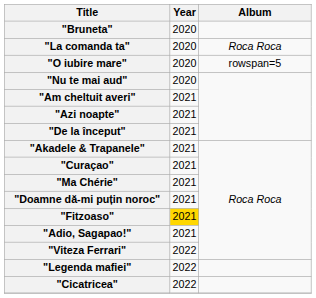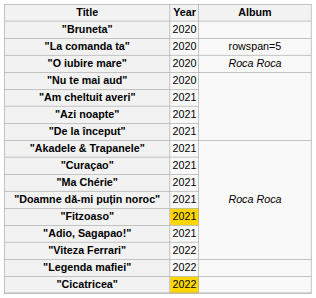 <table class="wikitable plainrowheaders" style="text-align:center;">
 <tr>
 <th scope="col" style="width:15em;">Title</th>
 <th scope="col">Year</th>
 <th scope="col" style="width:10em;">Album</th>
 </tr>
 <tr>
 <th scope="row">"Bruneta"<br></th>
 <td>2020</td>
 <td></td>
 </tr>
 <tr>
 <th scope="row">"La comanda ta"<br></th>
 <td>2020</td>
-<td><em>Roca Roca</em></td>
+<td>rowspan=5 </td>
 </tr>
 <tr>
 <th scope="row">"O iubire mare"<br></th>
 <td>2020</td>
-<td>rowspan=5 </td>
+<td><em>Roca Roca</em></td>
 </tr>
 <tr>
 <th scope="row">"Nu te mai aud"<br></th>
 <td>2020</td>
 </tr>
 <tr>
 <th scope="row">"Am cheltuit averi"<br></th>
 <td>2021</td>
 </tr>
 <tr>
 <th scope="row">"Azi noapte"<br></th>
 <td>2021</td>
 </tr>
 <tr>
 <th scope="row">"De la început"<br></th>
 <td>2021</td>
 </tr>
 <tr>
 <th scope="row">"Akadele & Trapanele"<br></th>
 <td>2021</td>
 <td rowspan=7><em>Roca Roca</em></td>
 </tr>
 <tr>
 <th scope="row">"Curaçao"<br></th>
 <td>2021</td>
 </tr>
 <tr>
 <th scope="row">"Ma Chérie"<br></th>
 <td>2021</td>
 </tr>
 <tr>
 <th scope="row">"Doamne dă-mi puțin noroc"<br></th>
 <td>2021</td>
 </tr>
 <tr>
 <th scope="row">"Fitzoaso"<br></th>
 <td style="background: gold;">2021</td>
 </tr>
 <tr>
 <th scope="row">"Adio, Sagapao!"<br></th>
 <td>2021</td>
 </tr>
 <tr>
 <th scope="row">"Viteza Ferrari"<br></th>
 <td>2022</td>
 </tr>
 <tr>
 <th scope="row">"Legenda mafiei"<br></th>
 <td>2022</td>
 <td></td>
 </tr>
 <tr>
 <th scope="row">"Cicatricea"<br></th>
-<td>2022</td>
+<td style="background: gold;">2022</td>
 <td></td>
 </tr>
 <tr>
 </tr>
 </table>
